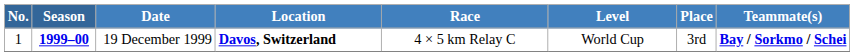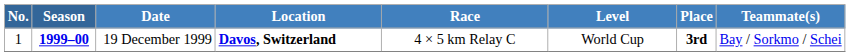 <table class="wikitable sortable" style="font-size:95%; text-align:center; border:grey solid 1px; border-collapse:collapse; background:#ffffff;">
 <tr style="background:#efefef;">
 <th style="background-color:#369; color:white;">No.</th>
 <th style="background-color:#369; color:white;">Season</th>
 <th style="background-color:#4180be; color:white; width:120px;">Date</th>
 <th style="background-color:#4180be; color:white; width:170px;">Location</th>
 <th style="background-color:#4180be; color:white; width:170px;">Race</th>
 <th style="background-color:#4180be; color:white; width:130px;">Level</th>
 <th style="background-color:#4180be; color:white;">Place</th>
 <th style="background-color:#4180be; color:white;">Teammate(s)</th>
 </tr>
 <tr>
 <td align=center>1</td>
 <td rowspan=1 align=center><strong> <a href='#'>1999–00</a> </strong></td>
 <td align=right>19 December 1999</td>
 <td align=left><strong> <a href='#'>Davos</a>, Switzerland</strong></td>
 <td>4 × 5 km Relay C</td>
 <td>World Cup</td>
-<td>3rd</td>
-<td><strong><a href='#'>Bay</a> / <a href='#'>Sorkmo</a> / <a href='#'>Schei</a></strong></td>
+<td><strong>3rd</strong></td>
+<td><a href='#'>Bay</a> / <a href='#'>Sorkmo</a> / <a href='#'>Schei</a></td>
 </tr>
 <tr>
 </tr>
 </table>
